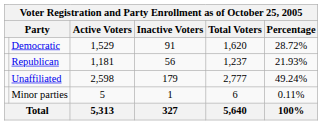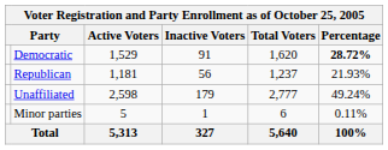 <table class=wikitable>
 <tr>
 <th colspan = 6>Voter Registration and Party Enrollment as of October 25, 2005</th>
 </tr>
 <tr>
 <th colspan = 2>Party</th>
 <th>Active Voters</th>
 <th>Inactive Voters</th>
 <th>Total Voters</th>
 <th>Percentage</th>
 </tr>
 <tr>
 <td></td>
 <td><a href='#'>Democratic</a></td>
 <td style="text-align:center;">1,529</td>
 <td style="text-align:center;">91</td>
 <td style="text-align:center;">1,620</td>
-<td style="text-align:center;">28.72%</td>
+<td style="text-align:center;"><strong>28.72%</strong></td>
 </tr>
 <tr>
 <td></td>
 <td><a href='#'>Republican</a></td>
 <td style="text-align:center;">1,181</td>
 <td style="text-align:center;">56</td>
 <td style="text-align:center;">1,237</td>
 <td style="text-align:center;">21.93%</td>
 </tr>
 <tr>
 <td></td>
 <td><a href='#'>Unaffiliated</a></td>
 <td style="text-align:center;">2,598</td>
 <td style="text-align:center;">179</td>
 <td style="text-align:center;">2,777</td>
 <td style="text-align:center;">49.24%</td>
 </tr>
 <tr>
 <td></td>
 <td>Minor parties</td>
 <td style="text-align:center;">5</td>
 <td style="text-align:center;">1</td>
 <td style="text-align:center;">6</td>
 <td style="text-align:center;">0.11%</td>
 </tr>
 <tr>
 <th colspan = 2>Total</th>
 <th style="text-align:center;">5,313</th>
 <th style="text-align:center;">327</th>
 <th style="text-align:center;">5,640</th>
 <th style="text-align:center;">100%</th>
 </tr>
 </table>
